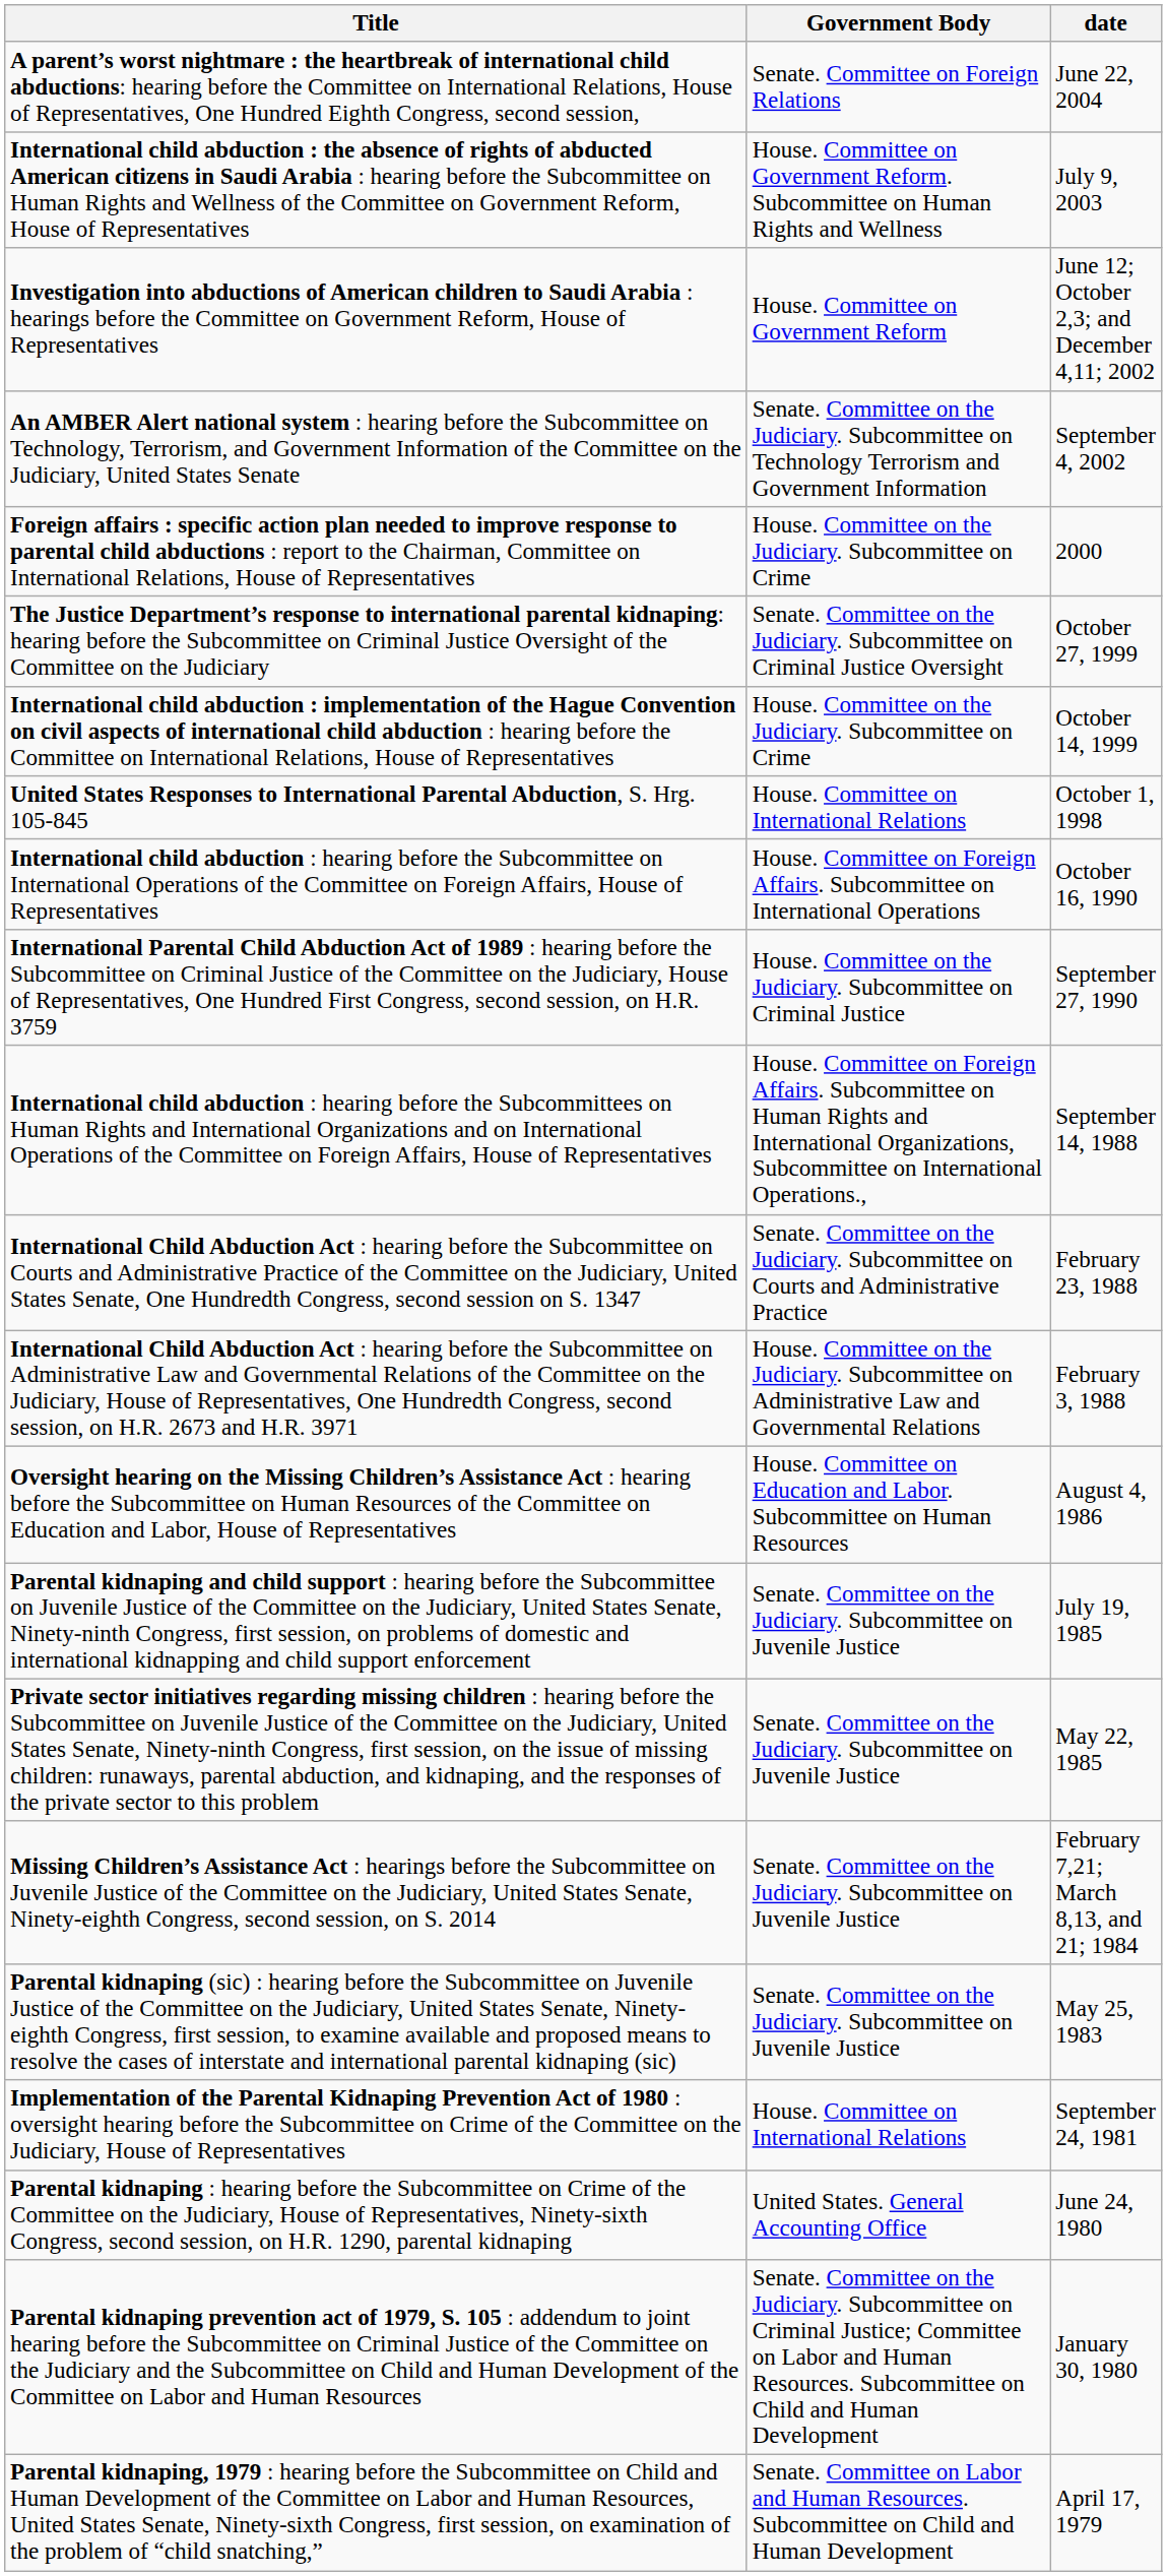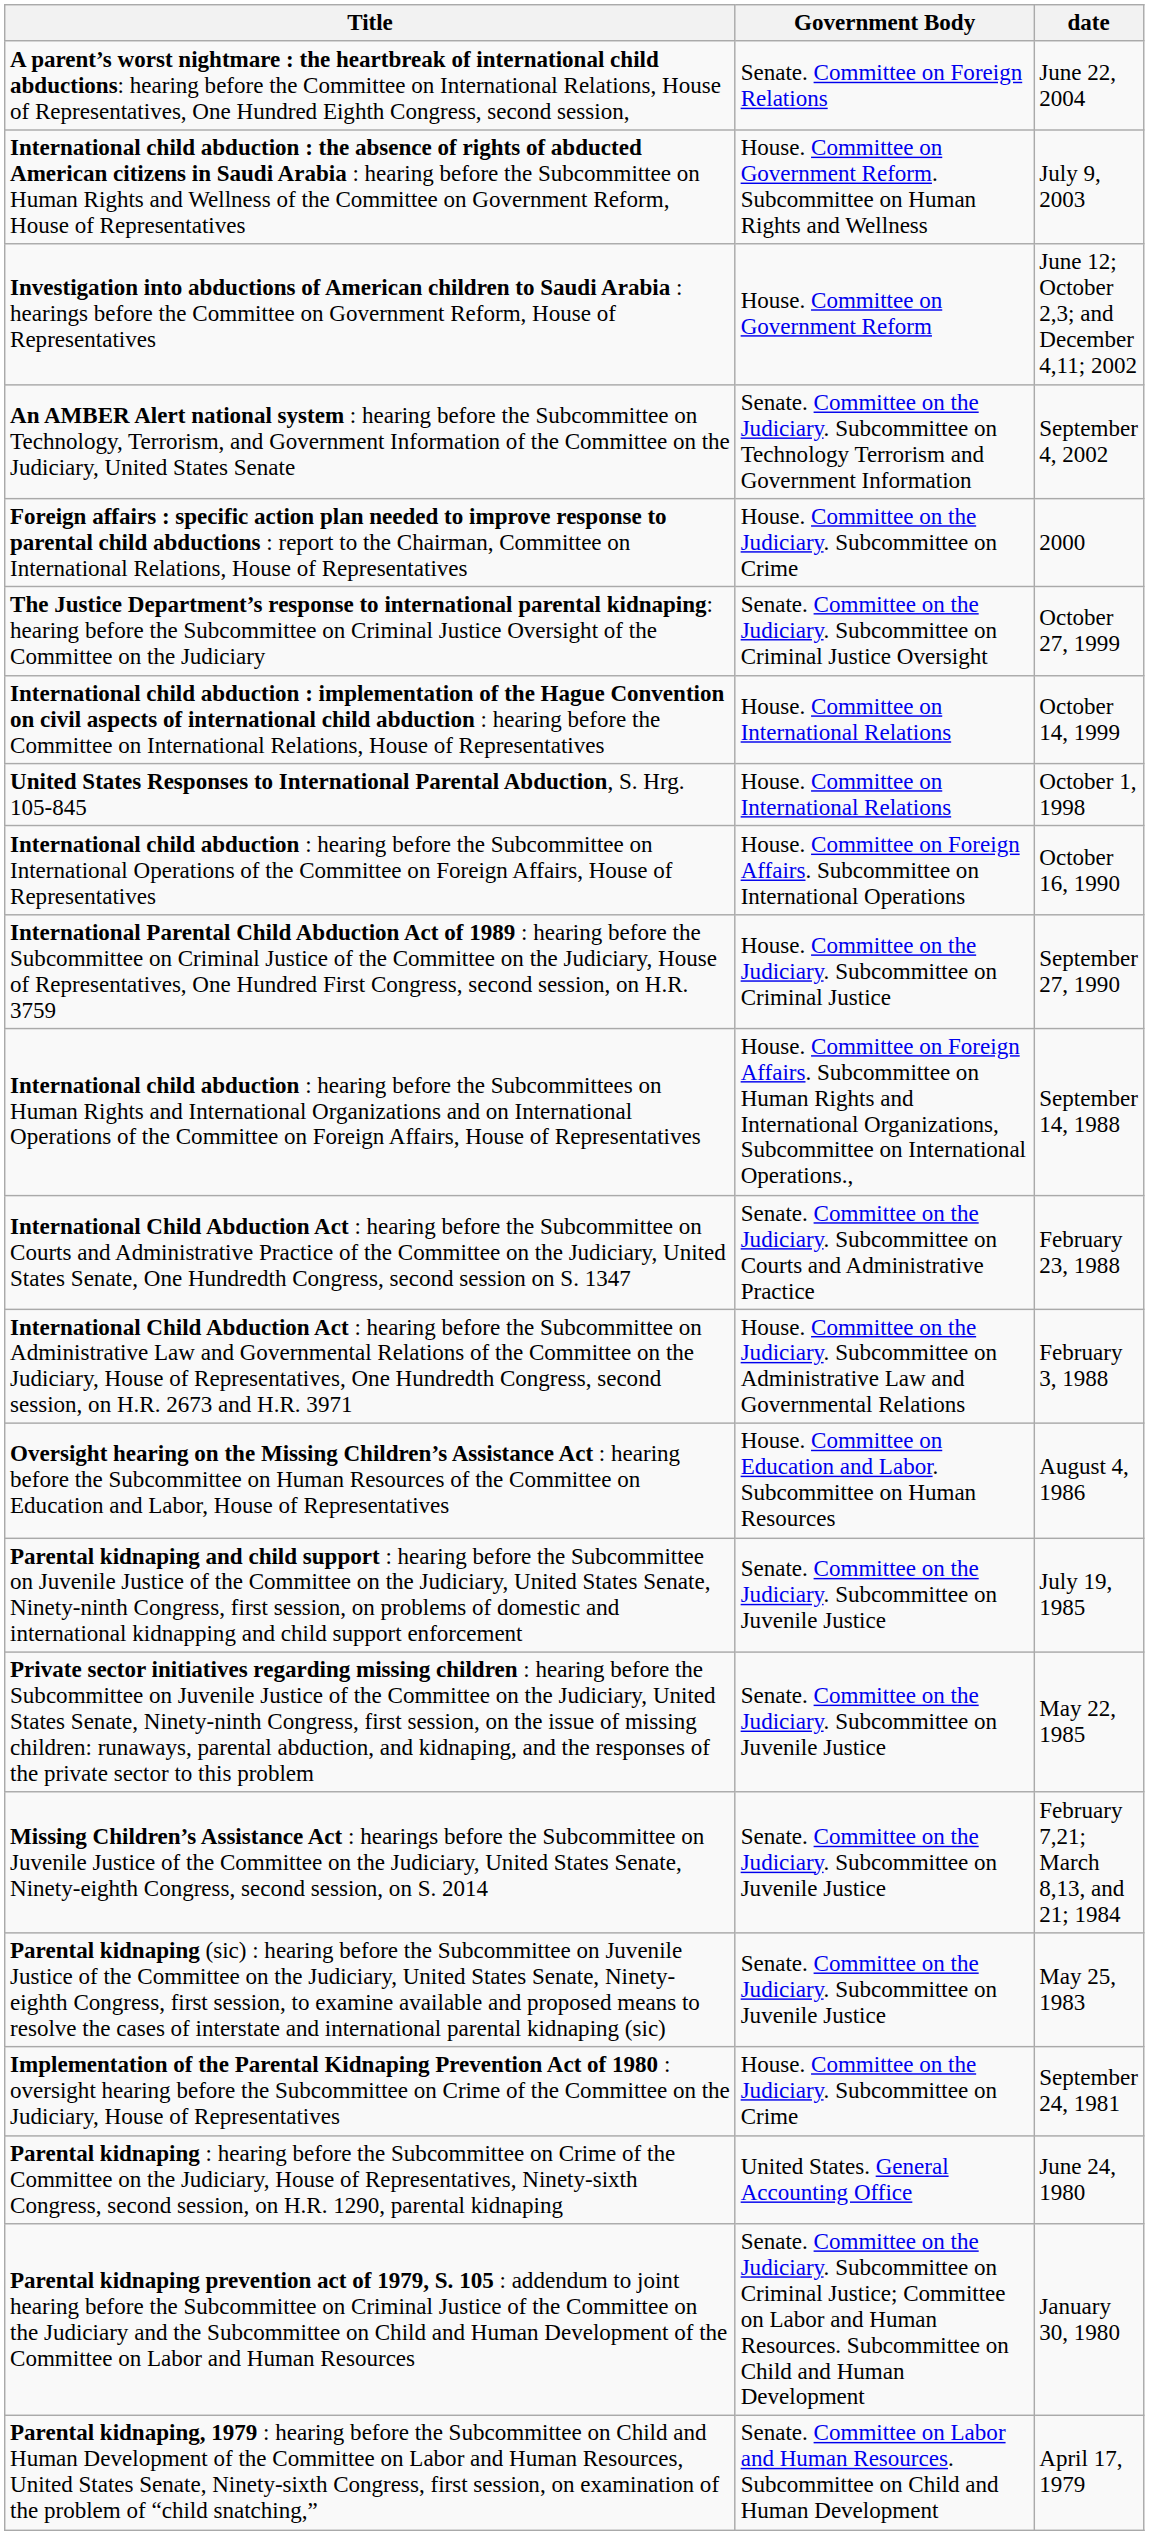 <table class="wikitable">
 <tr>
 <th scope="col" width="500">Title</th>
 <th scope="col" width="200">Government Body</th>
 <th scope="col" width="50">date</th>
 </tr>
 <tr>
 <td><strong>A parent’s worst nightmare : the heartbreak of international child abductions</strong>: hearing before the Committee on International Relations, House of Representatives, One Hundred Eighth Congress, second session,</td>
 <td>Senate. <a href='#'>Committee on Foreign Relations</a></td>
 <td>June 22, 2004</td>
 </tr>
 <tr>
 <td><strong>International child abduction : the absence of rights of abducted American citizens in Saudi Arabia</strong> : hearing before the Subcommittee on Human Rights and Wellness of the Committee on Government Reform, House of Representatives</td>
 <td>House. <a href='#'>Committee on Government Reform</a>. Subcommittee on Human Rights and Wellness</td>
 <td>July 9, 2003</td>
 </tr>
 <tr>
 <td><strong>Investigation into abductions of American children to Saudi Arabia</strong> : hearings before the Committee on Government Reform, House of Representatives</td>
 <td>House. <a href='#'>Committee on Government Reform</a></td>
 <td>June 12; October 2,3; and December 4,11; 2002</td>
 </tr>
 <tr>
 <td><strong>An AMBER Alert national system</strong> : hearing before the Subcommittee on Technology, Terrorism, and Government Information of the Committee on the Judiciary, United States Senate</td>
 <td>Senate. <a href='#'>Committee on the Judiciary</a>. Subcommittee on Technology Terrorism and Government Information</td>
 <td>September 4, 2002</td>
 </tr>
 <tr>
 <td><strong>Foreign affairs : specific action plan needed to improve response to parental child abductions</strong> : report to the Chairman, Committee on International Relations, House of Representatives</td>
 <td>House. <a href='#'>Committee on the Judiciary</a>. Subcommittee on Crime</td>
 <td>2000</td>
 </tr>
 <tr>
 <td><strong>The Justice Department’s response to international parental kidnaping</strong>: hearing before the Subcommittee on Criminal Justice Oversight of the Committee on the Judiciary</td>
 <td>Senate. <a href='#'>Committee on the Judiciary</a>. Subcommittee on Criminal Justice Oversight</td>
 <td>October 27, 1999</td>
 </tr>
 <tr>
 <td><strong>International child abduction : implementation of the Hague Convention on civil aspects of international child abduction</strong> : hearing before the Committee on International Relations, House of Representatives</td>
-<td>House. <a href='#'>Committee on the Judiciary</a>. Subcommittee on Crime</td>
+<td>House. <a href='#'>Committee on International Relations</a></td>
 <td>October 14, 1999</td>
 </tr>
 <tr>
 <td><strong>United States Responses to International Parental Abduction</strong>, S. Hrg. 105-845</td>
 <td>House. <a href='#'>Committee on International Relations</a></td>
 <td>October 1, 1998</td>
 </tr>
 <tr>
 <td><strong>International child abduction</strong> : hearing before the Subcommittee on International Operations of the Committee on Foreign Affairs, House of Representatives</td>
 <td>House. <a href='#'>Committee on Foreign Affairs</a>. Subcommittee on International Operations</td>
 <td>October 16, 1990</td>
 </tr>
 <tr>
 <td><strong>International Parental Child Abduction Act of 1989</strong> : hearing before the Subcommittee on Criminal Justice of the Committee on the Judiciary, House of Representatives, One Hundred First Congress, second session, on H.R. 3759</td>
 <td>House. <a href='#'>Committee on the Judiciary</a>. Subcommittee on Criminal Justice</td>
 <td>September 27, 1990</td>
 </tr>
 <tr>
 <td><strong>International child abduction</strong> : hearing before the Subcommittees on Human Rights and International Organizations and on International Operations of the Committee on Foreign Affairs, House of Representatives</td>
 <td>House.  <a href='#'>Committee on Foreign Affairs</a>. Subcommittee on Human Rights and International Organizations, Subcommittee on International Operations.,</td>
 <td>September 14, 1988</td>
 </tr>
 <tr>
 <td><strong>International Child Abduction Act</strong> : hearing before the Subcommittee on Courts and Administrative Practice of the Committee on the Judiciary, United States Senate, One Hundredth Congress, second session on S. 1347</td>
 <td>Senate. <a href='#'>Committee on the Judiciary</a>. Subcommittee on Courts and Administrative Practice</td>
 <td>February 23, 1988</td>
 </tr>
 <tr>
 <td><strong>International Child Abduction Act</strong> : hearing before the Subcommittee on Administrative Law and Governmental Relations of the Committee on the Judiciary, House of Representatives, One Hundredth Congress, second session, on H.R. 2673 and H.R. 3971</td>
 <td>House. <a href='#'>Committee on the Judiciary</a>. Subcommittee on Administrative Law and Governmental Relations</td>
 <td>February 3, 1988</td>
 </tr>
 <tr>
 <td><strong>Oversight hearing on the Missing Children’s Assistance Act</strong> : hearing before the Subcommittee on Human Resources of the Committee on Education and Labor, House of Representatives</td>
 <td>House. <a href='#'>Committee on Education and Labor</a>. Subcommittee on Human Resources</td>
 <td>August 4, 1986</td>
 </tr>
 <tr>
 <td><strong>Parental kidnaping and child support</strong> : hearing before the Subcommittee on Juvenile Justice of the Committee on the Judiciary, United States Senate, Ninety-ninth Congress, first session, on problems of domestic and international kidnapping and child support enforcement</td>
 <td>Senate. <a href='#'>Committee on the Judiciary</a>. Subcommittee on Juvenile Justice</td>
 <td>July 19, 1985</td>
 </tr>
 <tr>
 <td><strong>Private sector initiatives regarding missing children</strong> : hearing before the Subcommittee on Juvenile Justice of the Committee on the Judiciary, United States Senate, Ninety-ninth Congress, first session, on the issue of missing children: runaways, parental abduction, and kidnaping, and the responses of the private sector to this problem</td>
 <td>Senate. <a href='#'>Committee on the Judiciary</a>. Subcommittee on Juvenile Justice</td>
 <td>May 22, 1985</td>
 </tr>
 <tr>
 <td><strong>Missing Children’s Assistance Act</strong> : hearings before the Subcommittee on Juvenile Justice of the Committee on the Judiciary, United States Senate, Ninety-eighth Congress, second session, on S. 2014</td>
 <td>Senate. <a href='#'>Committee on the Judiciary</a>. Subcommittee on Juvenile Justice</td>
 <td>February 7,21; March 8,13, and 21; 1984</td>
 </tr>
 <tr>
 <td><strong>Parental kidnaping</strong> (sic) : hearing before the Subcommittee on Juvenile Justice of the Committee on the Judiciary, United States Senate, Ninety-eighth Congress, first session, to examine available and proposed means to resolve the cases of interstate and international parental kidnaping (sic)</td>
 <td>Senate. <a href='#'>Committee on the Judiciary</a>. Subcommittee on Juvenile Justice</td>
 <td>May 25, 1983</td>
 </tr>
 <tr>
 <td><strong>Implementation of the Parental Kidnaping Prevention Act of 1980</strong> : oversight hearing before the Subcommittee on Crime of the Committee on the Judiciary, House of Representatives</td>
-<td>House. <a href='#'>Committee on International Relations</a></td>
+<td>House. <a href='#'>Committee on the Judiciary</a>. Subcommittee on Crime</td>
 <td>September 24, 1981</td>
 </tr>
 <tr>
 <td><strong>Parental kidnaping</strong> : hearing before the Subcommittee on Crime of the Committee on the Judiciary, House of Representatives, Ninety-sixth Congress, second session, on H.R. 1290, parental kidnaping</td>
 <td>United States. <a href='#'>General Accounting Office</a></td>
 <td>June 24, 1980</td>
 </tr>
 <tr>
 <td><strong>Parental kidnaping prevention act of 1979, S. 105</strong> : addendum to joint hearing before the Subcommittee on Criminal Justice of the Committee on the Judiciary and the Subcommittee on Child and Human Development of the Committee on Labor and Human Resources</td>
 <td>Senate. <a href='#'>Committee on the Judiciary</a>. Subcommittee on Criminal Justice; Committee on Labor and Human Resources. Subcommittee on Child and Human Development</td>
 <td>January 30, 1980</td>
 </tr>
 <tr>
 <td><strong>Parental kidnaping, 1979</strong> : hearing before the Subcommittee on Child and Human Development of the Committee on Labor and Human Resources, United States Senate, Ninety-sixth Congress, first session, on examination of the problem of “child snatching,”</td>
 <td>Senate. <a href='#'>Committee on Labor and Human Resources</a>. Subcommittee on Child and Human Development</td>
 <td>April 17, 1979</td>
 </tr>
 <tr>
 </tr>
 </table>
